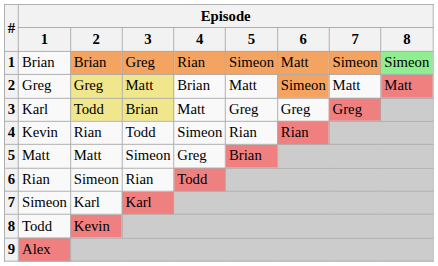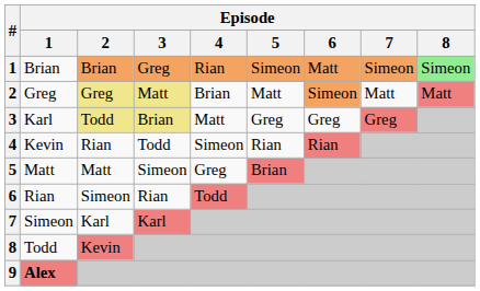 <table class="wikitable">
 <tr>
 <th rowspan=2>#</th>
 <th colspan=8>Episode</th>
 </tr>
 <tr>
 <th>1</th>
 <th>2</th>
 <th>3</th>
 <th>4</th>
 <th>5</th>
 <th>6</th>
 <th>7</th>
 <th>8</th>
 </tr>
 <tr>
 <th>1</th>
 <td>Brian</td>
 <td bgcolor="sandybrown">Brian</td>
 <td bgcolor="sandybrown">Greg</td>
 <td bgcolor="sandybrown">Rian</td>
 <td bgcolor="sandybrown">Simeon</td>
 <td bgcolor="sandybrown">Matt</td>
 <td bgcolor="sandybrown">Simeon</td>
 <td bgcolor="lightgreen">Simeon</td>
 </tr>
 <tr>
 <th>2</th>
 <td>Greg</td>
 <td bgcolor="khaki">Greg</td>
 <td bgcolor="khaki">Matt</td>
 <td>Brian</td>
 <td>Matt</td>
 <td bgcolor="sandybrown">Simeon</td>
 <td>Matt</td>
 <td bgcolor="lightcoral">Matt</td>
 </tr>
 <tr>
 <th>3</th>
 <td>Karl</td>
 <td bgcolor="khaki">Todd</td>
 <td bgcolor="khaki">Brian</td>
 <td>Matt</td>
 <td>Greg</td>
 <td>Greg</td>
 <td bgcolor="lightcoral">Greg</td>
 <td bgcolor="#CCCCCC"></td>
 </tr>
 <tr>
 <th>4</th>
 <td>Kevin</td>
 <td>Rian</td>
 <td>Todd</td>
 <td>Simeon</td>
 <td>Rian</td>
 <td bgcolor="lightcoral">Rian</td>
 <td bgcolor="#CCCCCC" colspan=2></td>
 </tr>
 <tr>
 <th>5</th>
 <td>Matt</td>
 <td>Matt</td>
 <td>Simeon</td>
 <td>Greg</td>
 <td bgcolor="lightcoral">Brian</td>
 <td bgcolor="#CCCCCC" colspan=3></td>
 </tr>
 <tr>
 <th>6</th>
 <td>Rian</td>
 <td>Simeon</td>
 <td>Rian</td>
 <td bgcolor="lightcoral">Todd</td>
 <td bgcolor="#CCCCCC" colspan=4></td>
 </tr>
 <tr>
 <th>7</th>
 <td>Simeon</td>
 <td>Karl</td>
 <td bgcolor="lightcoral">Karl</td>
 <td bgcolor="#CCCCCC" colspan=5></td>
 </tr>
 <tr>
 <th>8</th>
 <td>Todd</td>
 <td bgcolor="lightcoral">Kevin</td>
 <td bgcolor="#CCCCCC" colspan=6></td>
 </tr>
 <tr>
 <th>9</th>
-<td bgcolor="lightcoral">Alex</td>
+<td bgcolor="lightcoral"><strong>Alex</strong></td>
 <td bgcolor="#CCCCCC" colspan=7></td>
 </tr>
 </table>
